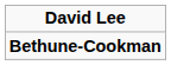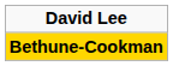 <table class=wikitable>
 <tr align=center>
 <td><strong>David Lee</strong></td>
 </tr>
 <tr align=center>
-<td><strong>Bethune-Cookman</strong></td>
+<td style="background: gold;"><strong>Bethune-Cookman</strong></td>
 </tr>
 </table>
